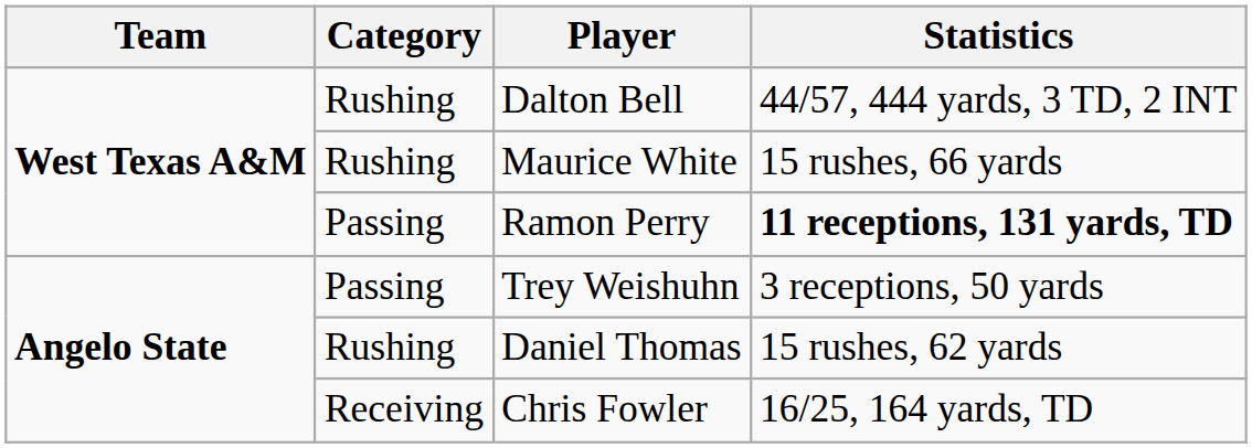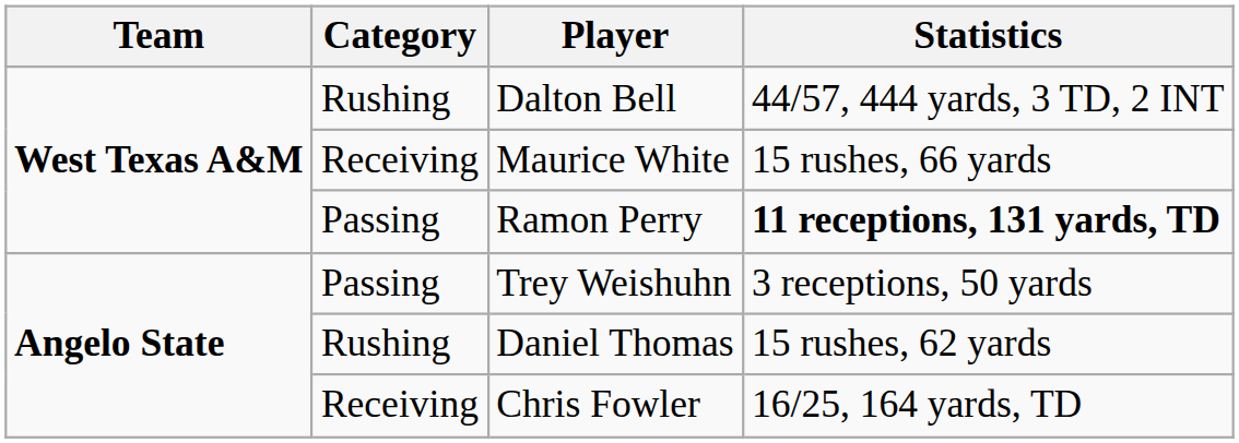 <table class="wikitable" style="float: right;">
 <tr>
 <th>Team</th>
 <th>Category</th>
 <th>Player</th>
 <th>Statistics</th>
 </tr>
 <tr>
 <td rowspan=3><strong>West Texas A&M</strong></td>
 <td>Rushing</td>
 <td>Dalton Bell</td>
 <td>44/57, 444 yards, 3 TD, 2 INT</td>
 </tr>
 <tr>
-<td>Rushing</td>
+<td>Receiving</td>
 <td>Maurice White</td>
 <td>15 rushes, 66 yards</td>
 </tr>
 <tr>
 <td>Passing</td>
 <td>Ramon Perry</td>
 <td><strong>11 receptions, 131 yards, TD</strong></td>
 </tr>
 <tr>
 <td rowspan=3><strong>Angelo State</strong></td>
 <td>Passing</td>
 <td>Trey Weishuhn</td>
 <td>3 receptions, 50 yards</td>
 </tr>
 <tr>
 <td>Rushing</td>
 <td>Daniel Thomas</td>
 <td>15 rushes, 62 yards</td>
 </tr>
 <tr>
 <td>Receiving</td>
 <td>Chris Fowler</td>
 <td>16/25, 164 yards, TD</td>
 </tr>
 </table>
